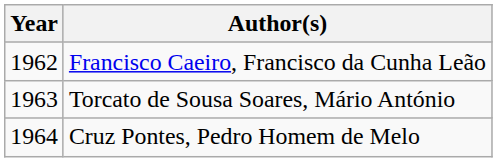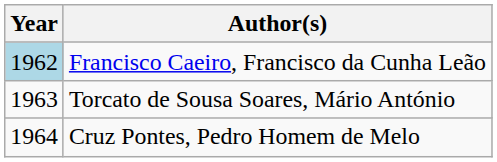 <table class="wikitable sortable mw-collapsible mw-collapsed">
 <tr>
 <th>Year</th>
 <th>Author(s)</th>
 </tr>
 <tr>
-<td>1962</td>
+<td style="background: lightblue;">1962</td>
 <td><a href='#'>Francisco Caeiro</a>, Francisco da Cunha Leão</td>
 </tr>
 <tr>
 <td>1963</td>
 <td>Torcato de Sousa Soares, Mário António</td>
 </tr>
 <tr>
 <td>1964</td>
 <td>Cruz Pontes, Pedro Homem de Melo</td>
 </tr>
 </table>
